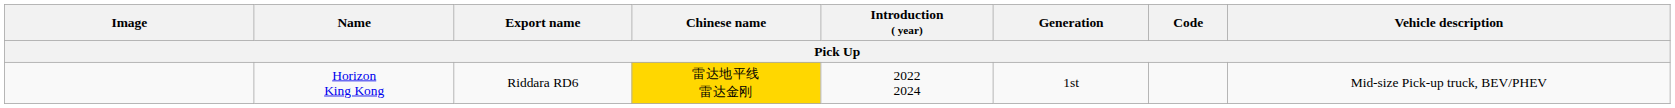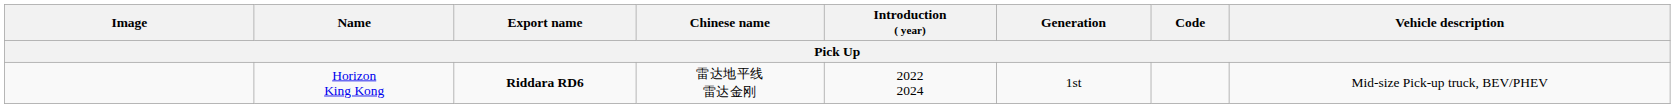 <table class="wikitable" style="text-align: center; width: 100%">
 <tr>
 <th class="unsortable" width="15%">Image</th>
 <th class="unsortable" width="12%">Name</th>
 <th>Export name</th>
 <th>Chinese name</th>
 <th>Introduction<br><small>( year)</small></th>
 <th>Generation</th>
 <th class="unsortable">Code</th>
 <th class="unsortable">Vehicle description</th>
 </tr>
 <tr>
 <th colspan="8">Pick Up</th>
 </tr>
 <tr>
 <td></td>
 <td><a href='#'>Horizon</a><br><a href='#'>King Kong</a></td>
-<td>Riddara RD6</td>
-<td style="background: gold;">雷达地平线<br>雷达金刚</td>
+<td><strong>Riddara RD6</strong></td>
+<td>雷达地平线<br>雷达金刚</td>
 <td>2022<br>2024</td>
 <td>1st</td>
 <td></td>
 <td>Mid-size Pick-up truck, BEV/PHEV</td>
 </tr>
 </table>
